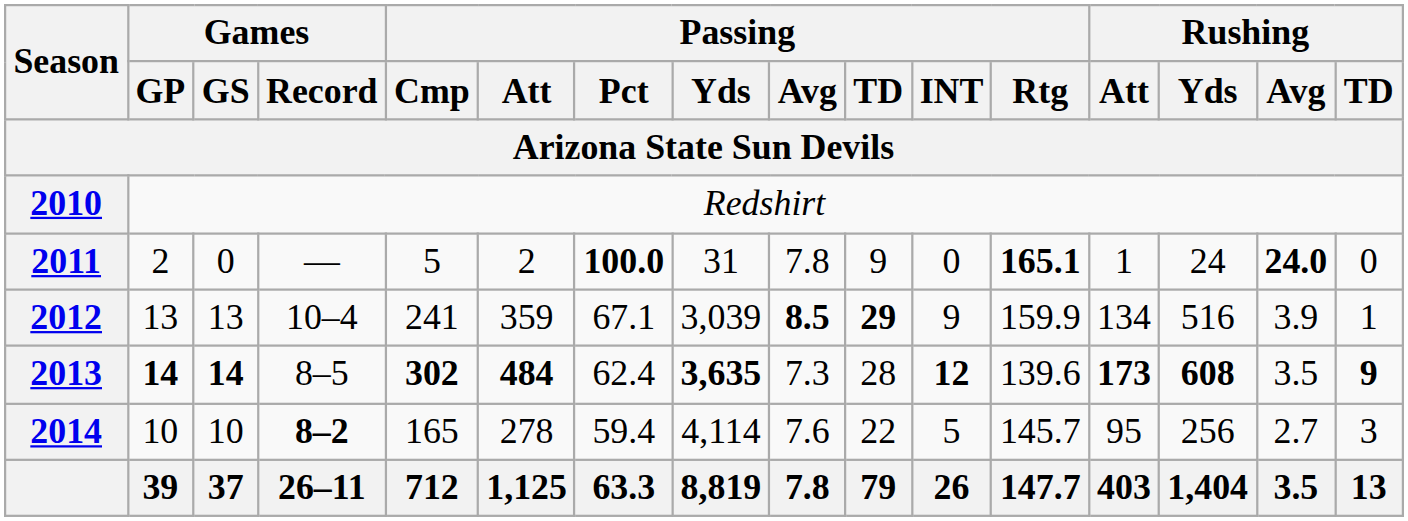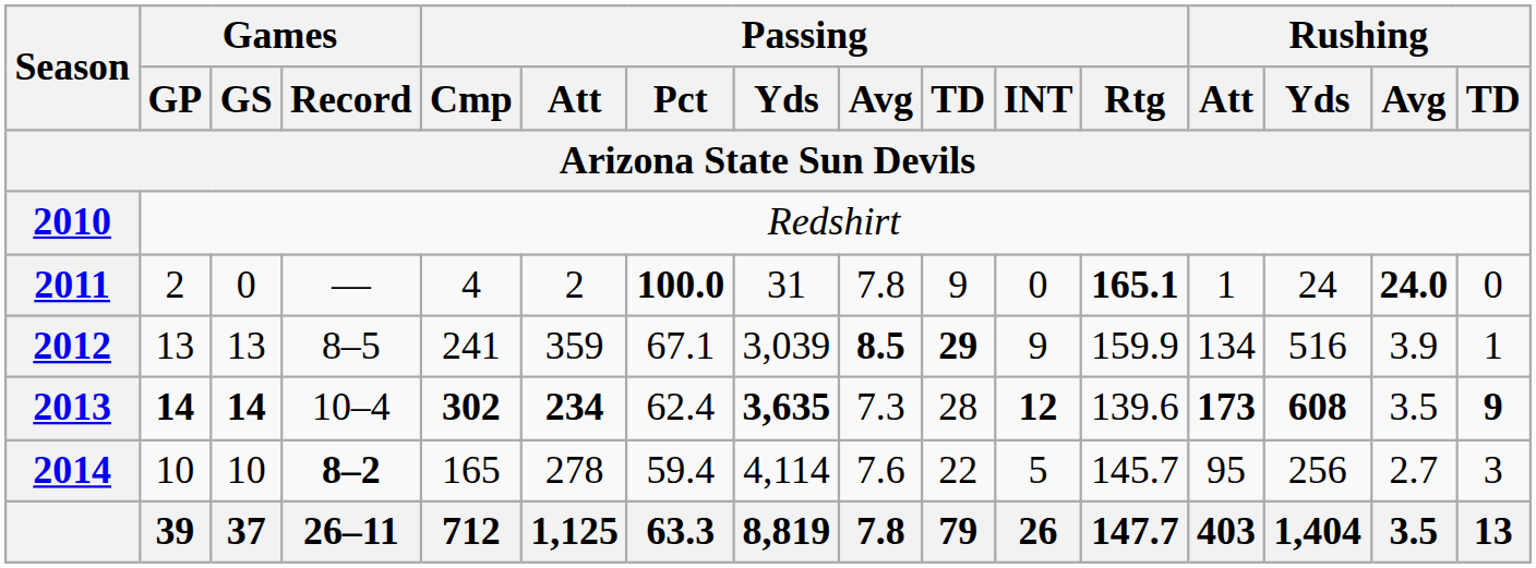 <table class="wikitable" style="text-align:center;">
 <tr>
 <th rowspan="2">Season</th>
 <th colspan="3">Games</th>
 <th colspan="8">Passing</th>
 <th colspan="4">Rushing</th>
 </tr>
 <tr>
 <th>GP</th>
 <th>GS</th>
 <th>Record</th>
 <th>Cmp</th>
 <th>Att</th>
 <th>Pct</th>
 <th>Yds</th>
 <th>Avg</th>
 <th>TD</th>
 <th>INT</th>
 <th>Rtg</th>
 <th>Att</th>
 <th>Yds</th>
 <th>Avg</th>
 <th>TD</th>
 </tr>
 <tr>
 <th colspan="16">Arizona State Sun Devils</th>
 </tr>
 <tr>
 <th><a href='#'>2010</a></th>
 <td colspan="15"><em> Redshirt</em></td>
 </tr>
 <tr>
 <th><a href='#'>2011</a></th>
 <td>2</td>
 <td>0</td>
 <td>—</td>
-<td>5</td>
+<td>4</td>
 <td>2</td>
 <td><strong>100.0</strong></td>
 <td>31</td>
 <td>7.8</td>
 <td>9</td>
 <td>0</td>
 <td><strong>165.1</strong></td>
 <td>1</td>
 <td>24</td>
 <td><strong>24.0</strong></td>
 <td>0</td>
 </tr>
 <tr>
 <th><a href='#'>2012</a></th>
 <td>13</td>
 <td>13</td>
-<td>10–4</td>
+<td>8–5</td>
 <td>241</td>
 <td>359</td>
 <td>67.1</td>
 <td>3,039</td>
 <td><strong>8.5</strong></td>
 <td><strong>29</strong></td>
 <td>9</td>
 <td>159.9</td>
 <td>134</td>
 <td>516</td>
 <td>3.9</td>
 <td>1</td>
 </tr>
 <tr>
 <th><a href='#'>2013</a></th>
 <td><strong>14</strong></td>
 <td><strong>14</strong></td>
-<td>8–5</td>
+<td>10–4</td>
 <td><strong>302</strong></td>
-<td><strong>484</strong></td>
+<td><strong>234</strong></td>
 <td>62.4</td>
 <td><strong>3,635</strong></td>
 <td>7.3</td>
 <td>28</td>
 <td><strong>12</strong></td>
 <td>139.6</td>
 <td><strong>173</strong></td>
 <td><strong>608</strong></td>
 <td>3.5</td>
 <td><strong>9</strong></td>
 </tr>
 <tr>
 <th><a href='#'>2014</a></th>
 <td>10</td>
 <td>10</td>
 <td><strong>8–2</strong></td>
 <td>165</td>
 <td>278</td>
 <td>59.4</td>
 <td>4,114</td>
 <td>7.6</td>
 <td>22</td>
 <td>5</td>
 <td>145.7</td>
 <td>95</td>
 <td>256</td>
 <td>2.7</td>
 <td>3</td>
 </tr>
 <tr>
 <th></th>
 <th>39</th>
 <th>37</th>
 <th>26–11</th>
 <th>712</th>
 <th>1,125</th>
 <th>63.3</th>
 <th>8,819</th>
 <th>7.8</th>
 <th>79</th>
 <th>26</th>
 <th>147.7</th>
 <th>403</th>
 <th>1,404</th>
 <th>3.5</th>
 <th>13</th>
 </tr>
 </table>
